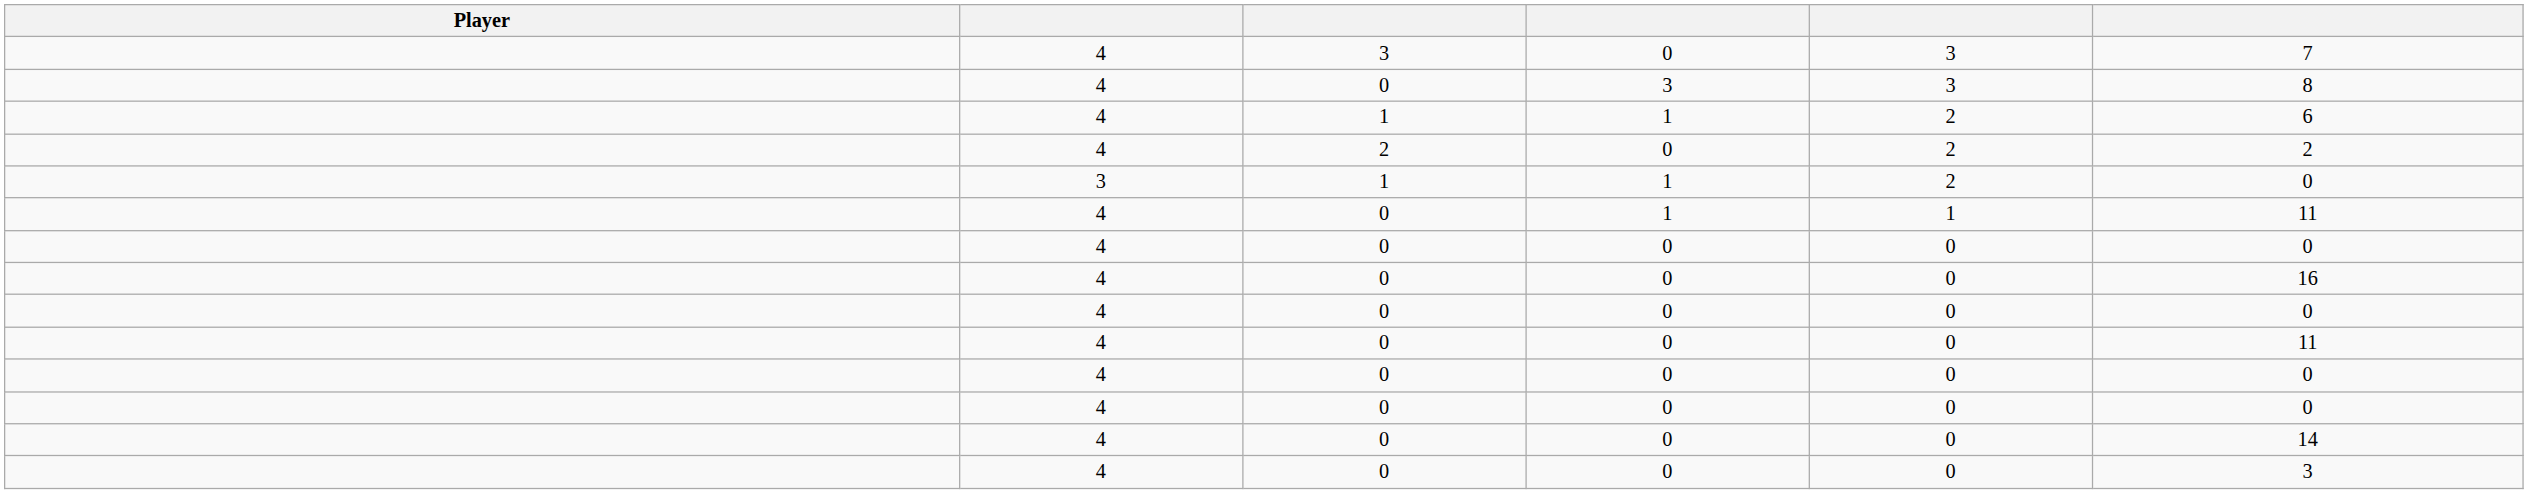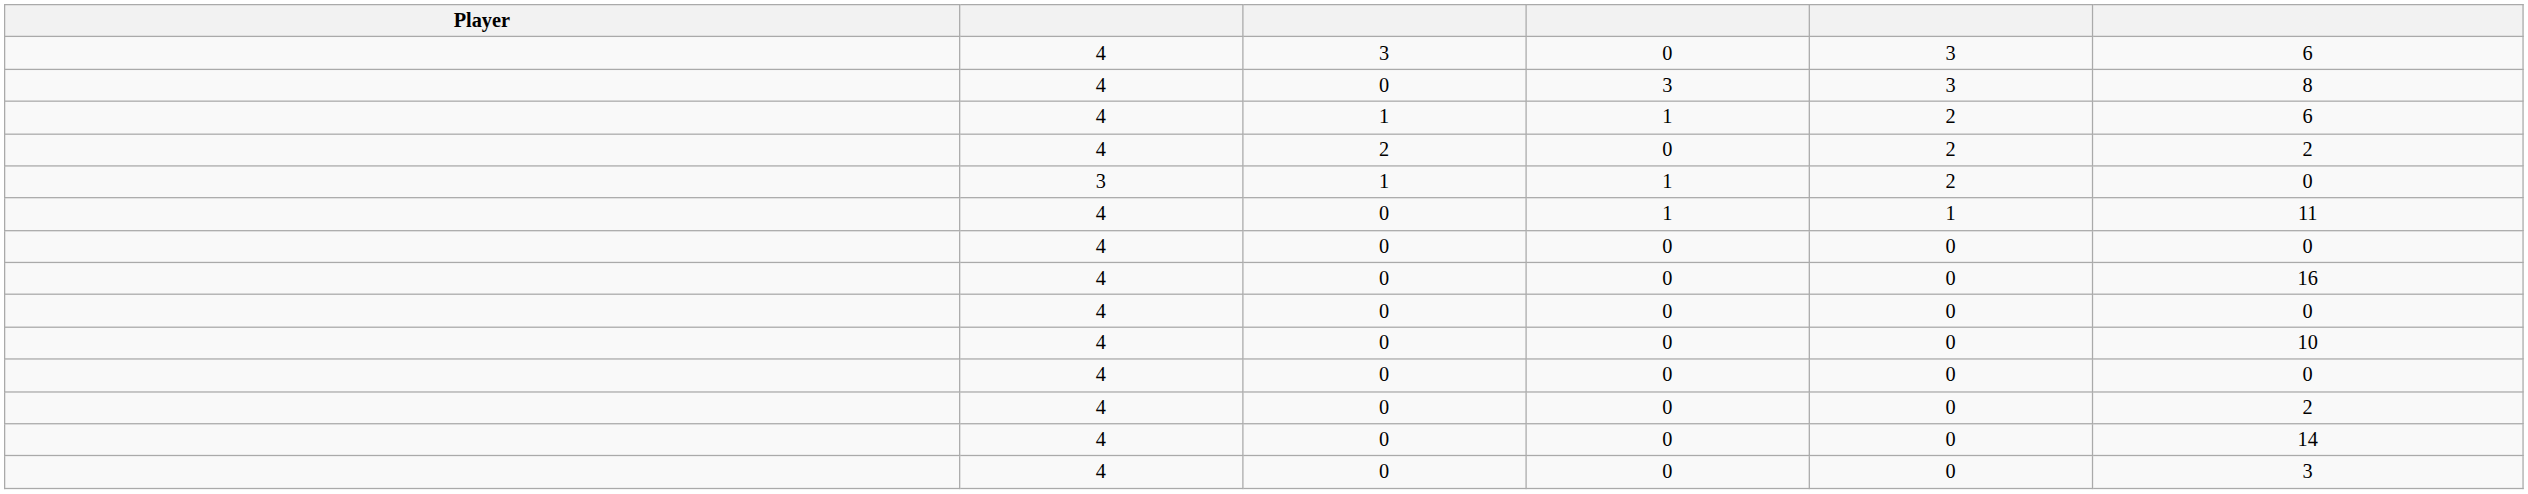 <table class="wikitable sortable" style="width:100%;">
 <tr align=center>
 <th>Player</th>
 <th></th>
 <th></th>
 <th></th>
 <th></th>
 <th></th>
 </tr>
 <tr align=center>
 <td></td>
 <td>4</td>
 <td>3</td>
 <td>0</td>
 <td>3</td>
-<td>7</td>
+<td>6</td>
 </tr>
 <tr align=center>
 <td></td>
 <td>4</td>
 <td>0</td>
 <td>3</td>
 <td>3</td>
 <td>8</td>
 </tr>
 <tr align=center>
 <td></td>
 <td>4</td>
 <td>1</td>
 <td>1</td>
 <td>2</td>
 <td>6</td>
 </tr>
 <tr align=center>
 <td></td>
 <td>4</td>
 <td>2</td>
 <td>0</td>
 <td>2</td>
 <td>2</td>
 </tr>
 <tr align=center>
 <td></td>
 <td>3</td>
 <td>1</td>
 <td>1</td>
 <td>2</td>
 <td>0</td>
 </tr>
 <tr align=center>
 <td></td>
 <td>4</td>
 <td>0</td>
 <td>1</td>
 <td>1</td>
 <td>11</td>
 </tr>
 <tr align=center>
 <td></td>
 <td>4</td>
 <td>0</td>
 <td>0</td>
 <td>0</td>
 <td>0</td>
 </tr>
 <tr align=center>
 <td></td>
 <td>4</td>
 <td>0</td>
 <td>0</td>
 <td>0</td>
 <td>16</td>
 </tr>
 <tr align=center>
 <td></td>
 <td>4</td>
 <td>0</td>
 <td>0</td>
 <td>0</td>
 <td>0</td>
 </tr>
 <tr align=center>
 <td></td>
 <td>4</td>
 <td>0</td>
 <td>0</td>
 <td>0</td>
-<td>11</td>
+<td>10</td>
 </tr>
 <tr align=center>
 <td></td>
 <td>4</td>
 <td>0</td>
 <td>0</td>
 <td>0</td>
 <td>0</td>
 </tr>
 <tr align=center>
 <td></td>
 <td>4</td>
 <td>0</td>
 <td>0</td>
 <td>0</td>
-<td>0</td>
+<td>2</td>
 </tr>
 <tr align=center>
 <td></td>
 <td>4</td>
 <td>0</td>
 <td>0</td>
 <td>0</td>
 <td>14</td>
 </tr>
 <tr align=center>
 <td></td>
 <td>4</td>
 <td>0</td>
 <td>0</td>
 <td>0</td>
 <td>3</td>
 </tr>
 </table>
